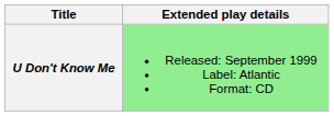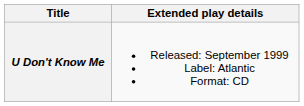 <table class="wikitable plainrowheaders" style="text-align:center;" border="1">
 <tr>
 <th scope="col" style="width:9em;">Title</th>
 <th scope="col" style="width:16em;">Extended play details</th>
 </tr>
 <tr>
 <th scope="row"><em>U Don't Know Me</em></th>
-<td style="background: lightgreen;"><br><ul><li>Released: September 1999</li><li>Label: Atlantic</li><li>Format: CD</li></ul></td>
+<td><br><ul><li>Released: September 1999</li><li>Label: Atlantic</li><li>Format: CD</li></ul></td>
 </tr>
 </table>
